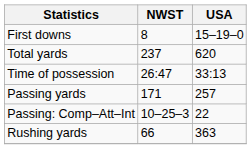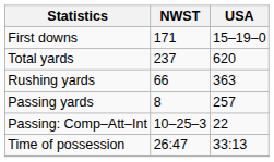 <table class="wikitable" style="float: left;">
 <tr>
 <th>Statistics</th>
 <th>NWST</th>
 <th>USA</th>
 </tr>
 <tr>
 <td>First downs</td>
-<td>8</td>
+<td>171</td>
 <td>15–19–0</td>
 </tr>
 <tr>
 <td>Total yards</td>
 <td>237</td>
 <td>620</td>
 </tr>
 <tr>
-<td>Time of possession</td>
-<td>26:47</td>
-<td>33:13</td>
+<td>Rushing yards</td>
+<td>66</td>
+<td>363</td>
 </tr>
 <tr>
 <td>Passing yards</td>
-<td>171</td>
+<td>8</td>
 <td>257</td>
 </tr>
 <tr>
 <td>Passing: Comp–Att–Int</td>
 <td>10–25–3</td>
 <td>22</td>
 </tr>
 <tr>
-<td>Rushing yards</td>
-<td>66</td>
-<td>363</td>
+<td>Time of possession</td>
+<td>26:47</td>
+<td>33:13</td>
 </tr>
 <tr>
 </tr>
 </table>
